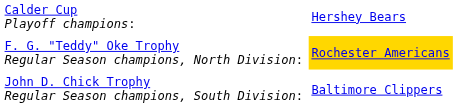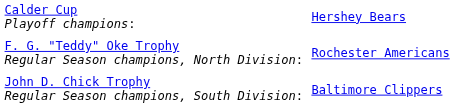 <table cellpadding="3" cellspacing="3">
 <tr>
 <td><a href='#'>Calder Cup</a><br><em>Playoff champions</em>:</td>
 <td><a href='#'>Hershey Bears</a></td>
 </tr>
 <tr>
 <td><a href='#'>F. G. "Teddy" Oke Trophy</a><br><em>Regular Season champions, North Division</em>:</td>
-<td style="background: gold;"><a href='#'>Rochester Americans</a></td>
+<td><a href='#'>Rochester Americans</a></td>
 </tr>
 <tr>
 <td><a href='#'>John D. Chick Trophy</a><br><em>Regular Season champions, South Division</em>:</td>
 <td><a href='#'>Baltimore Clippers</a></td>
 </tr>
 </table>
